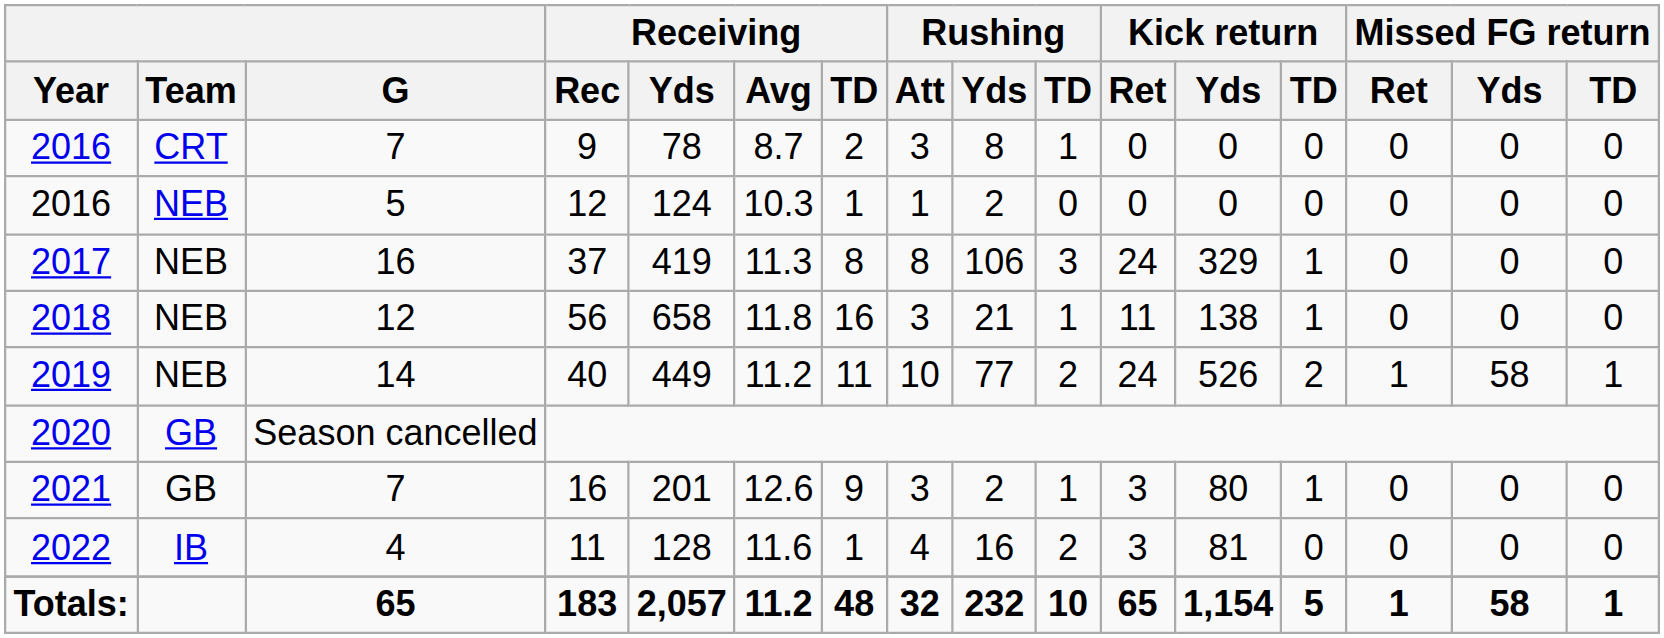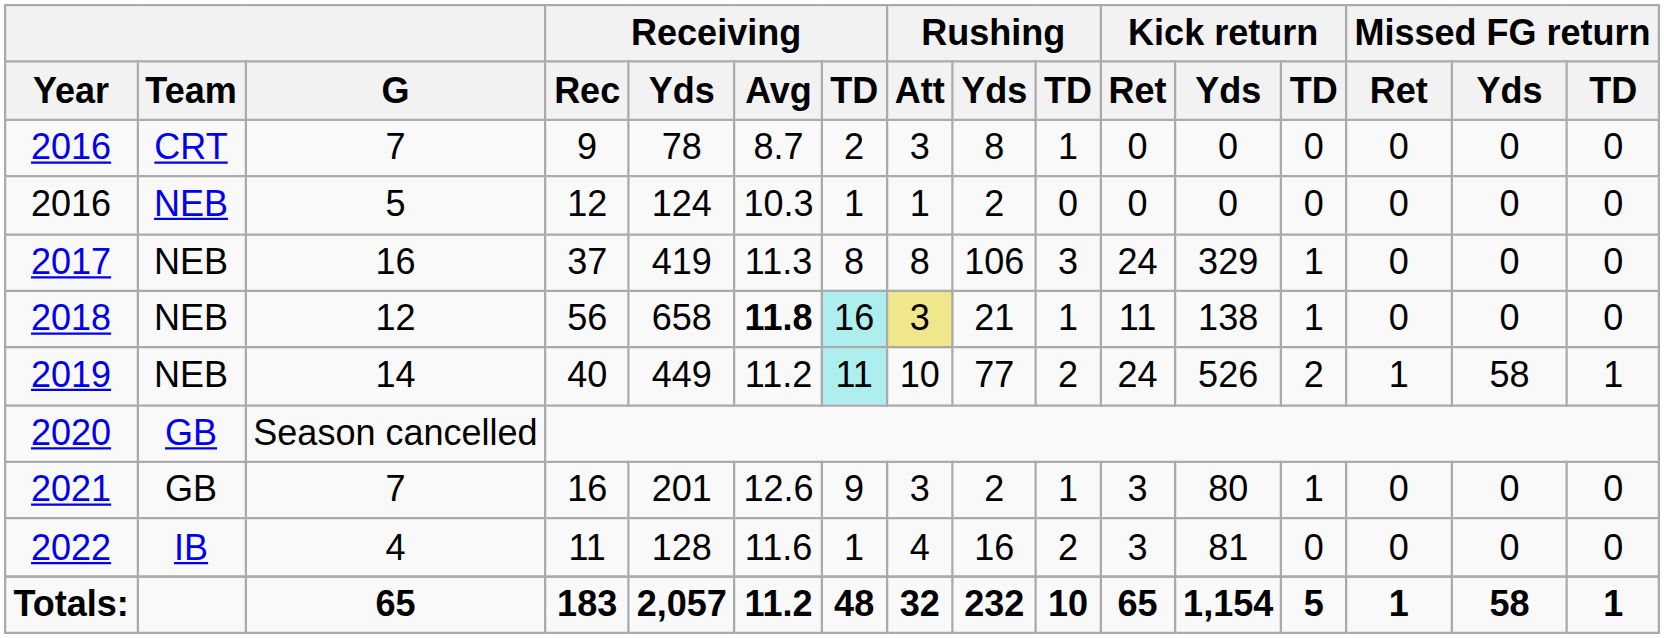 <table class="wikitable" style="text-align:center;">
 <tr>
 <th colspan="3"></th>
 <th colspan="4">Receiving</th>
 <th colspan="3">Rushing</th>
 <th colspan="3">Kick return</th>
 <th colspan="3">Missed FG return</th>
 </tr>
 <tr>
 <th>Year</th>
 <th>Team</th>
 <th>G</th>
 <th>Rec</th>
 <th>Yds</th>
 <th>Avg</th>
 <th>TD</th>
 <th>Att</th>
 <th>Yds</th>
 <th>TD</th>
 <th>Ret</th>
 <th>Yds</th>
 <th>TD</th>
 <th>Ret</th>
 <th>Yds</th>
 <th>TD</th>
 </tr>
 <tr>
 <td><a href='#'>2016</a></td>
 <td><a href='#'>CRT</a></td>
 <td>7</td>
 <td>9</td>
 <td>78</td>
 <td>8.7</td>
 <td>2</td>
 <td>3</td>
 <td>8</td>
 <td>1</td>
 <td>0</td>
 <td>0</td>
 <td>0</td>
 <td>0</td>
 <td>0</td>
 <td>0</td>
 </tr>
 <tr>
 <td>2016</td>
 <td><a href='#'>NEB</a></td>
 <td>5</td>
 <td>12</td>
 <td>124</td>
 <td>10.3</td>
 <td>1</td>
 <td>1</td>
 <td>2</td>
 <td>0</td>
 <td>0</td>
 <td>0</td>
 <td>0</td>
 <td>0</td>
 <td>0</td>
 <td>0</td>
 </tr>
 <tr>
 <td><a href='#'>2017</a></td>
 <td>NEB</td>
 <td>16</td>
 <td>37</td>
 <td>419</td>
 <td>11.3</td>
 <td>8</td>
 <td>8</td>
 <td>106</td>
 <td>3</td>
 <td>24</td>
 <td>329</td>
 <td>1</td>
 <td>0</td>
 <td>0</td>
 <td>0</td>
 </tr>
 <tr>
 <td><a href='#'>2018</a></td>
 <td>NEB</td>
 <td>12</td>
 <td>56</td>
 <td>658</td>
-<td>11.8</td>
-<td>16</td>
-<td>3</td>
+<td><strong>11.8</strong></td>
+<td style="background: paleturquoise;">16</td>
+<td style="background: khaki;">3</td>
 <td>21</td>
 <td>1</td>
 <td>11</td>
 <td>138</td>
 <td>1</td>
 <td>0</td>
 <td>0</td>
 <td>0</td>
 </tr>
 <tr>
 <td><a href='#'>2019</a></td>
 <td>NEB</td>
 <td>14</td>
 <td>40</td>
 <td>449</td>
 <td>11.2</td>
-<td>11</td>
+<td style="background: paleturquoise;">11</td>
 <td>10</td>
 <td>77</td>
 <td>2</td>
 <td>24</td>
 <td>526</td>
 <td>2</td>
 <td>1</td>
 <td>58</td>
 <td>1</td>
 </tr>
 <tr>
 <td><a href='#'>2020</a></td>
 <td><a href='#'>GB</a></td>
 <td>Season cancelled</td>
 </tr>
 <tr>
 <td><a href='#'>2021</a></td>
 <td>GB</td>
 <td>7</td>
 <td>16</td>
 <td>201</td>
 <td>12.6</td>
 <td>9</td>
 <td>3</td>
 <td>2</td>
 <td>1</td>
 <td>3</td>
 <td>80</td>
 <td>1</td>
 <td>0</td>
 <td>0</td>
 <td>0</td>
 </tr>
 <tr>
 <td><a href='#'>2022</a></td>
 <td><a href='#'>IB</a></td>
 <td>4</td>
 <td>11</td>
 <td>128</td>
 <td>11.6</td>
 <td>1</td>
 <td>4</td>
 <td>16</td>
 <td>2</td>
 <td>3</td>
 <td>81</td>
 <td>0</td>
 <td>0</td>
 <td>0</td>
 <td>0</td>
 </tr>
 <tr>
 </tr>
 <tr style="text-align:center;">
 <td><strong>Totals:</strong></td>
 <td></td>
 <td><strong>65</strong></td>
 <td><strong>183</strong></td>
 <td><strong>2,057</strong></td>
 <td><strong>11.2</strong></td>
 <td><strong>48</strong></td>
 <td><strong>32</strong></td>
 <td><strong>232</strong></td>
 <td><strong>10</strong></td>
 <td><strong>65</strong></td>
 <td><strong>1,154</strong></td>
 <td><strong>5</strong></td>
 <td><strong>1</strong></td>
 <td><strong>58</strong></td>
 <td><strong>1</strong></td>
 </tr>
 </table>
